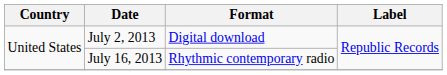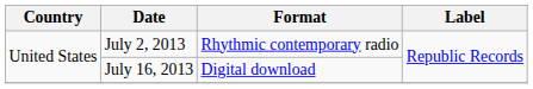 <table class="wikitable">
 <tr>
 <th>Country</th>
 <th>Date</th>
 <th>Format</th>
 <th>Label</th>
 </tr>
 <tr>
 <td rowspan="2">United States</td>
 <td>July 2, 2013</td>
-<td><a href='#'>Digital download</a></td>
+<td><a href='#'>Rhythmic contemporary</a> radio</td>
 <td rowspan="2"><a href='#'>Republic Records</a></td>
 </tr>
 <tr>
 <td>July 16, 2013</td>
-<td><a href='#'>Rhythmic contemporary</a> radio</td>
+<td><a href='#'>Digital download</a></td>
 </tr>
 <tr>
 </tr>
 </table>
